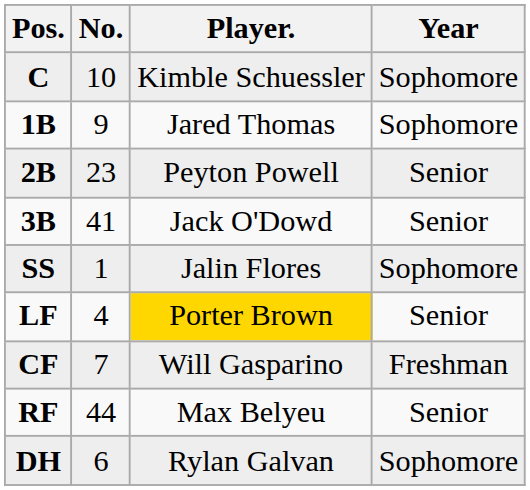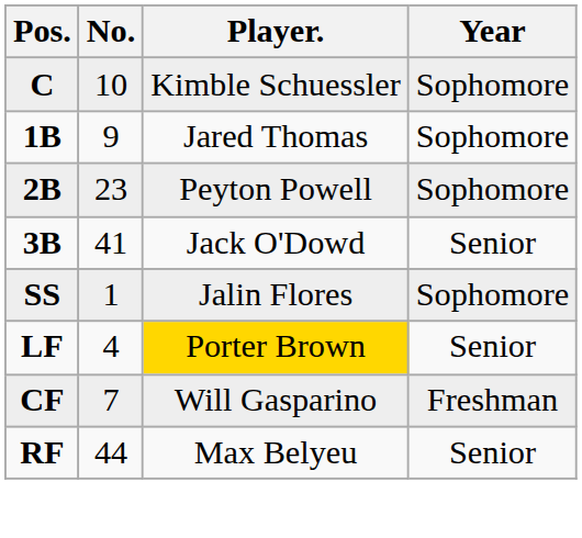 <table class="wikitable non-sortable">
 <tr>
 <th style="text-align:center; ">Pos.</th>
 <th style="text-align:center; ">No.</th>
 <th style="text-align:center; ">Player.</th>
 <th style="text-align:center; ">Year</th>
 </tr>
 <tr style="background:#eeeeee;text-align:center;">
 <td><strong>C</strong></td>
 <td>10</td>
 <td>Kimble Schuessler</td>
 <td>Sophomore</td>
 </tr>
 <tr style="text-align:center;">
 <td><strong>1B</strong></td>
 <td>9</td>
 <td>Jared Thomas</td>
 <td>Sophomore</td>
 </tr>
 <tr style="background:#eeeeee;text-align:center;">
 <td><strong>2B</strong></td>
 <td>23</td>
 <td>Peyton Powell</td>
-<td>Senior</td>
+<td>Sophomore</td>
 </tr>
 <tr style="text-align:center;">
 <td><strong>3B</strong></td>
 <td>41</td>
 <td>Jack O'Dowd</td>
 <td>Senior</td>
 </tr>
 <tr style="background:#eeeeee;text-align:center;">
 <td><strong>SS</strong></td>
 <td>1</td>
 <td>Jalin Flores</td>
 <td>Sophomore</td>
 </tr>
 <tr style="text-align:center;">
 <td><strong>LF</strong></td>
 <td>4</td>
 <td style="background: gold;">Porter Brown</td>
 <td>Senior</td>
 </tr>
 <tr style="background:#eeeeee;text-align:center;">
 <td><strong>CF</strong></td>
 <td>7</td>
 <td>Will Gasparino</td>
 <td>Freshman</td>
 </tr>
 <tr style="text-align:center;">
 <td><strong>RF</strong></td>
 <td>44</td>
 <td>Max Belyeu</td>
 <td>Senior</td>
 </tr>
-<tr style="background:#eeeeee;text-align:center;">
-<td><strong>DH</strong></td>
-<td>6</td>
-<td>Rylan Galvan</td>
-<td>Sophomore</td>
-</tr>
 </table>
